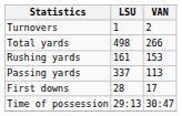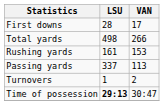 <table class="wikitable">
 <tr>
 <th>Statistics</th>
 <th>LSU</th>
 <th>VAN</th>
 </tr>
 <tr>
-<td>Turnovers</td>
-<td>1</td>
-<td>2</td>
+<td>First downs</td>
+<td>28</td>
+<td>17</td>
 </tr>
 <tr>
 <td>Total yards</td>
 <td>498</td>
 <td>266</td>
 </tr>
 <tr>
 <td>Rushing yards</td>
 <td>161</td>
 <td>153</td>
 </tr>
 <tr>
 <td>Passing yards</td>
 <td>337</td>
 <td>113</td>
 </tr>
 <tr>
-<td>First downs</td>
-<td>28</td>
-<td>17</td>
+<td>Turnovers</td>
+<td>1</td>
+<td>2</td>
 </tr>
 <tr>
 <td>Time of possession</td>
-<td>29:13</td>
+<td><strong>29:13</strong></td>
 <td>30:47</td>
 </tr>
 <tr>
 </tr>
 </table>
